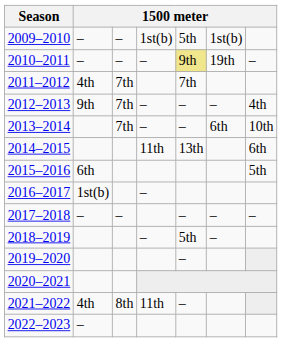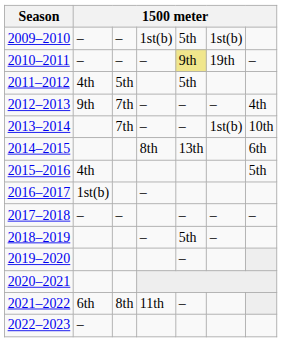 <table class="wikitable" style="display: inline-table;">
 <tr>
 <th>Season</th>
 <th colspan="14">1500 meter</th>
 </tr>
 <tr>
 <td><a href='#'>2009–2010</a></td>
 <td>–</td>
 <td>–</td>
 <td>1st(b)</td>
 <td>5th</td>
 <td>1st(b)</td>
 <td></td>
 </tr>
 <tr>
 <td><a href='#'>2010–2011</a></td>
 <td>–</td>
 <td>–</td>
 <td>–</td>
 <td style="background: khaki;">9th</td>
 <td>19th</td>
 <td>–</td>
 </tr>
 <tr>
 <td><a href='#'>2011–2012</a></td>
 <td>4th</td>
-<td>7th</td>
+<td>5th</td>
 <td></td>
-<td>7th</td>
+<td>5th</td>
 <td></td>
 <td></td>
 </tr>
 <tr>
 <td><a href='#'>2012–2013</a></td>
 <td>9th</td>
 <td>7th</td>
 <td>–</td>
 <td>–</td>
 <td>–</td>
 <td>4th</td>
 </tr>
 <tr>
 <td><a href='#'>2013–2014</a></td>
 <td></td>
 <td>7th</td>
 <td>–</td>
 <td>–</td>
-<td>6th</td>
+<td>1st(b)</td>
 <td>10th</td>
 </tr>
 <tr>
 <td><a href='#'>2014–2015</a></td>
 <td></td>
 <td></td>
-<td>11th</td>
+<td>8th</td>
 <td>13th</td>
 <td></td>
 <td>6th</td>
 </tr>
 <tr>
 <td><a href='#'>2015–2016</a></td>
-<td>6th</td>
+<td>4th</td>
 <td></td>
 <td></td>
 <td></td>
 <td></td>
 <td>5th</td>
 </tr>
 <tr>
 <td><a href='#'>2016–2017</a></td>
 <td>1st(b)</td>
 <td></td>
 <td>–</td>
 <td></td>
 <td></td>
 <td></td>
 </tr>
 <tr>
 <td><a href='#'>2017–2018</a></td>
 <td>–</td>
 <td>–</td>
 <td></td>
 <td>–</td>
 <td>–</td>
 <td>–</td>
 </tr>
 <tr>
 <td><a href='#'>2018–2019</a></td>
 <td></td>
 <td></td>
 <td>–</td>
 <td>5th</td>
 <td>–</td>
 <td></td>
 </tr>
 <tr>
 <td><a href='#'>2019–2020</a></td>
 <td></td>
 <td></td>
 <td></td>
 <td>–</td>
 <td></td>
 <td colspan="1" bgcolor=#EEEEEE></td>
 </tr>
 <tr>
 <td><a href='#'>2020–2021</a></td>
 <td></td>
 <td></td>
 <td colspan="4" bgcolor=#EEEEEE></td>
 </tr>
 <tr>
 <td><a href='#'>2021–2022</a></td>
-<td>4th</td>
+<td>6th</td>
 <td>8th</td>
 <td>11th</td>
 <td>–</td>
 <td></td>
 <td colspan="2" bgcolor=#EEEEEE></td>
 </tr>
 <tr>
 <td><a href='#'>2022–2023</a></td>
 <td>–</td>
 <td></td>
 <td></td>
 <td></td>
 <td></td>
 <td></td>
 </tr>
 </table>
